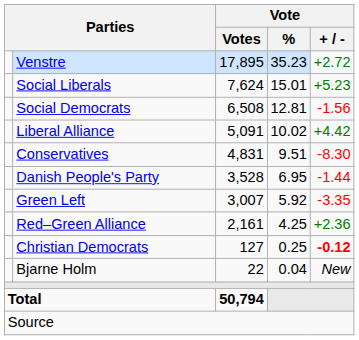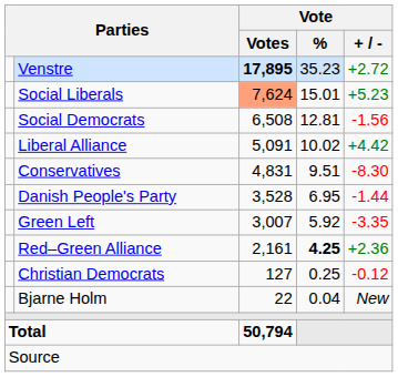 <table class="wikitable" style="text-align:right;">
 <tr>
 <th style="text-align:centre;" rowspan="2" colspan="2" width="225">Parties</th>
 <th colspan="3">Vote</th>
 </tr>
 <tr>
 <th width="15">Votes</th>
 <th width="15">%</th>
 <th width="15">+ / -</th>
 </tr>
 <tr>
 <td width="2" style="color:inherit;background:"></td>
 <td bgcolor=#cfe5fe  align="left"><a href='#'>Venstre</a></td>
-<td bgcolor=#cfe5fe>17,895</td>
+<td bgcolor=#cfe5fe><strong>17,895</strong></td>
 <td bgcolor=#cfe5fe>35.23</td>
 <td style=color:green;>+2.72</td>
 </tr>
 <tr>
 <td width="2" style="color:inherit;background:"></td>
 <td align="left"><a href='#'>Social Liberals</a></td>
-<td>7,624</td>
+<td style="background: lightsalmon;">7,624</td>
 <td>15.01</td>
 <td style=color:green;>+5.23</td>
 </tr>
 <tr>
 <td width="2" style="color:inherit;background:"></td>
 <td align="left"><a href='#'>Social Democrats</a></td>
 <td>6,508</td>
 <td>12.81</td>
 <td style=color:red;>-1.56</td>
 </tr>
 <tr>
 <td width="2" style="color:inherit;background:"></td>
 <td align="left"><a href='#'>Liberal Alliance</a></td>
 <td>5,091</td>
 <td>10.02</td>
 <td style=color:green;>+4.42</td>
 </tr>
 <tr>
 <td width="2" style="color:inherit;background:"></td>
 <td align="left"><a href='#'>Conservatives</a></td>
 <td>4,831</td>
 <td>9.51</td>
 <td style=color:red;>-8.30</td>
 </tr>
 <tr>
 <td width="2" style="color:inherit;background:"></td>
 <td align="left"><a href='#'>Danish People's Party</a></td>
 <td>3,528</td>
 <td>6.95</td>
 <td style=color:red;>-1.44</td>
 </tr>
 <tr>
 <td width="2" style="color:inherit;background:"></td>
 <td align="left"><a href='#'>Green Left</a></td>
 <td>3,007</td>
 <td>5.92</td>
 <td style=color:red;>-3.35</td>
 </tr>
 <tr>
 <td width="2" style="color:inherit;background:"></td>
 <td align="left"><a href='#'>Red–Green Alliance</a></td>
 <td>2,161</td>
-<td>4.25</td>
+<td><strong>4.25</strong></td>
 <td style=color:green;>+2.36</td>
 </tr>
 <tr>
 <td width="2" style="color:inherit;background:"></td>
 <td align="left"><a href='#'>Christian Democrats</a></td>
 <td>127</td>
 <td>0.25</td>
-<td style=color:red;><strong>-0.12</strong></td>
+<td style=color:red;>-0.12</td>
 </tr>
 <tr>
 <td width="2" style="color:inherit;background:"></td>
 <td align="left">Bjarne Holm</td>
 <td>22</td>
 <td>0.04</td>
 <td><em>New</em></td>
 </tr>
 <tr>
 <td colspan="7" bgcolor="#E9E9E9"></td>
 </tr>
 <tr>
 <td align="left" colspan="2"><strong>Total</strong></td>
 <td><strong>50,794</strong></td>
 <td bgcolor="#E9E9E9" colspan="2"></td>
 </tr>
 <tr>
 <td align="left" colspan="6">Source</td>
 </tr>
 </table>
